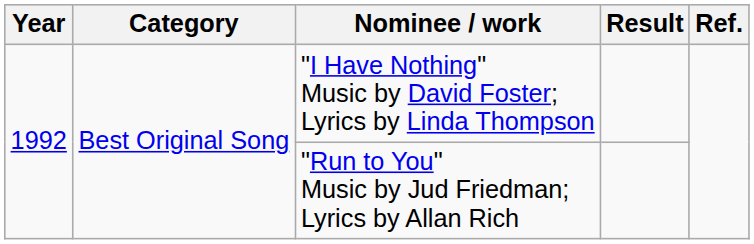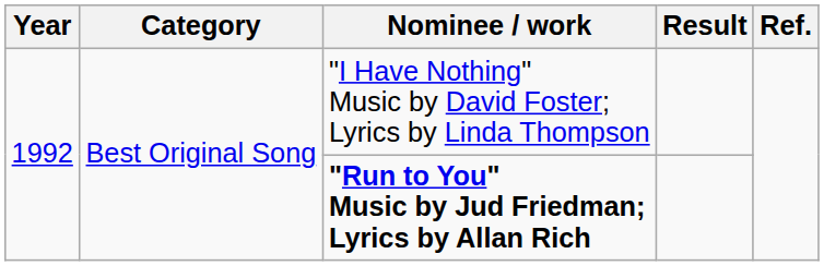 <table class="wikitable">
 <tr>
 <th>Year</th>
 <th>Category</th>
 <th>Nominee / work</th>
 <th>Result</th>
 <th>Ref.</th>
 </tr>
 <tr>
 <td rowspan="2"><a href='#'>1992</a></td>
 <td rowspan="2"><a href='#'>Best Original Song</a></td>
 <td>"<a href='#'>I Have Nothing</a>" <br> Music by <a href='#'>David Foster</a>; <br> Lyrics by <a href='#'>Linda Thompson</a></td>
 <td></td>
 <td rowspan="2" align="center"></td>
 </tr>
 <tr>
-<td>"<a href='#'>Run to You</a>" <br> Music by Jud Friedman; <br> Lyrics by Allan Rich</td>
+<td><strong>"<a href='#'>Run to You</a>" <br> Music by Jud Friedman; <br> Lyrics by Allan Rich</strong></td>
 <td></td>
 </tr>
 </table>
